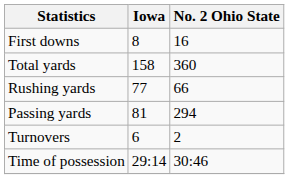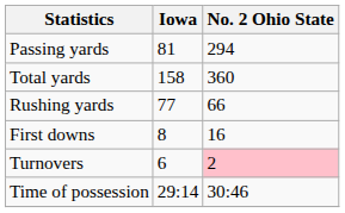 <table class="wikitable">
 <tr>
 <th>Statistics</th>
 <th>Iowa</th>
 <th>No. 2 Ohio State</th>
 </tr>
 <tr>
-<td>First downs</td>
-<td>8</td>
-<td>16</td>
+<td>Passing yards</td>
+<td>81</td>
+<td>294</td>
 </tr>
 <tr>
 <td>Total yards</td>
 <td>158</td>
 <td>360</td>
 </tr>
 <tr>
 <td>Rushing yards</td>
 <td>77</td>
 <td>66</td>
 </tr>
 <tr>
-<td>Passing yards</td>
-<td>81</td>
-<td>294</td>
+<td>First downs</td>
+<td>8</td>
+<td>16</td>
 </tr>
 <tr>
 <td>Turnovers</td>
 <td>6</td>
-<td>2</td>
+<td style="background: pink;">2</td>
 </tr>
 <tr>
 <td>Time of possession</td>
 <td>29:14</td>
 <td>30:46</td>
 </tr>
 <tr>
 </tr>
 </table>
